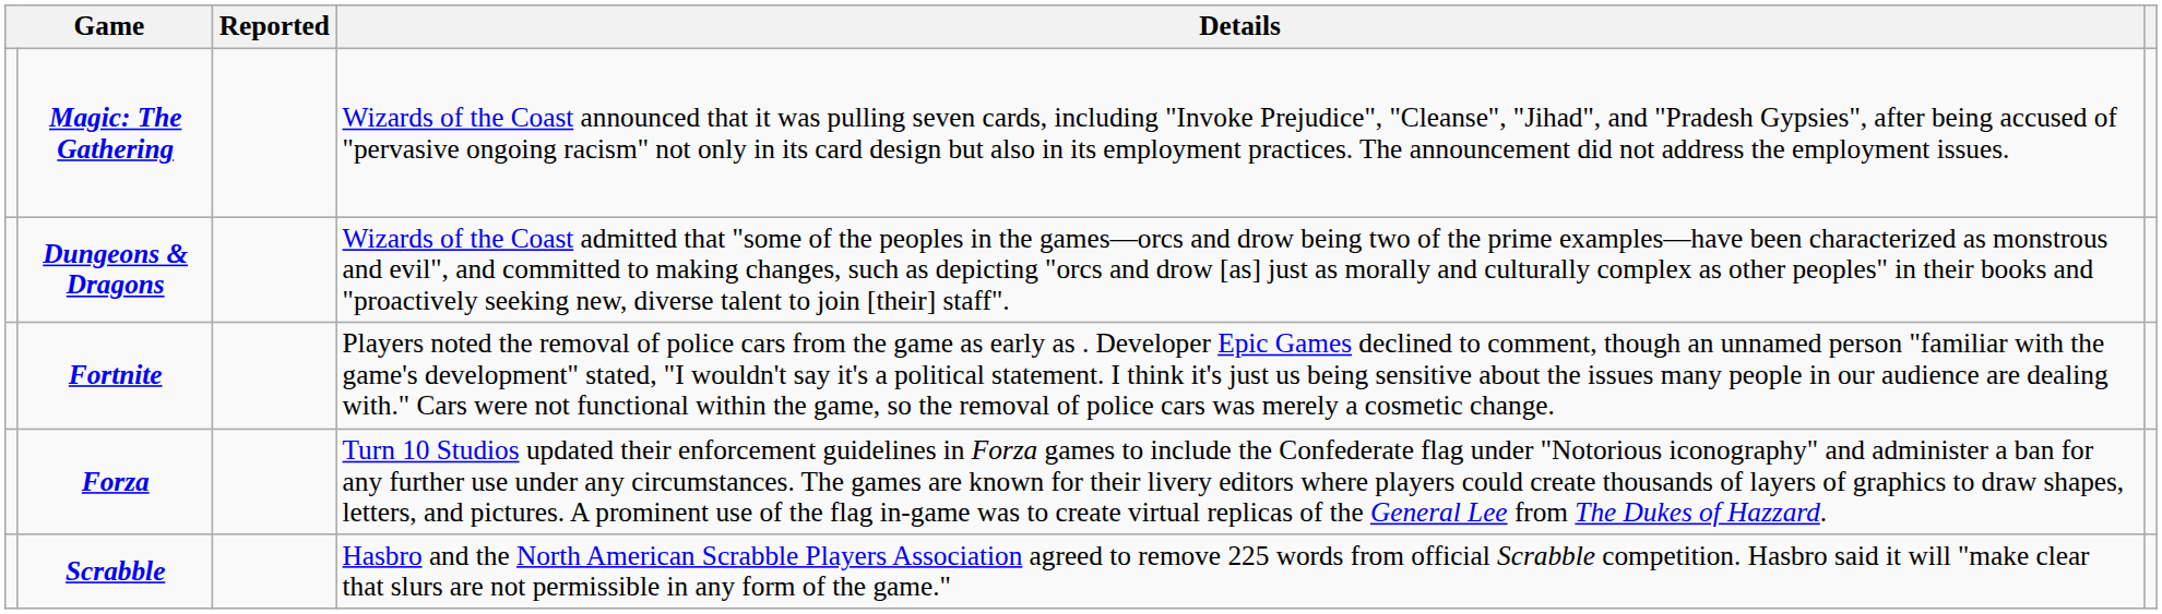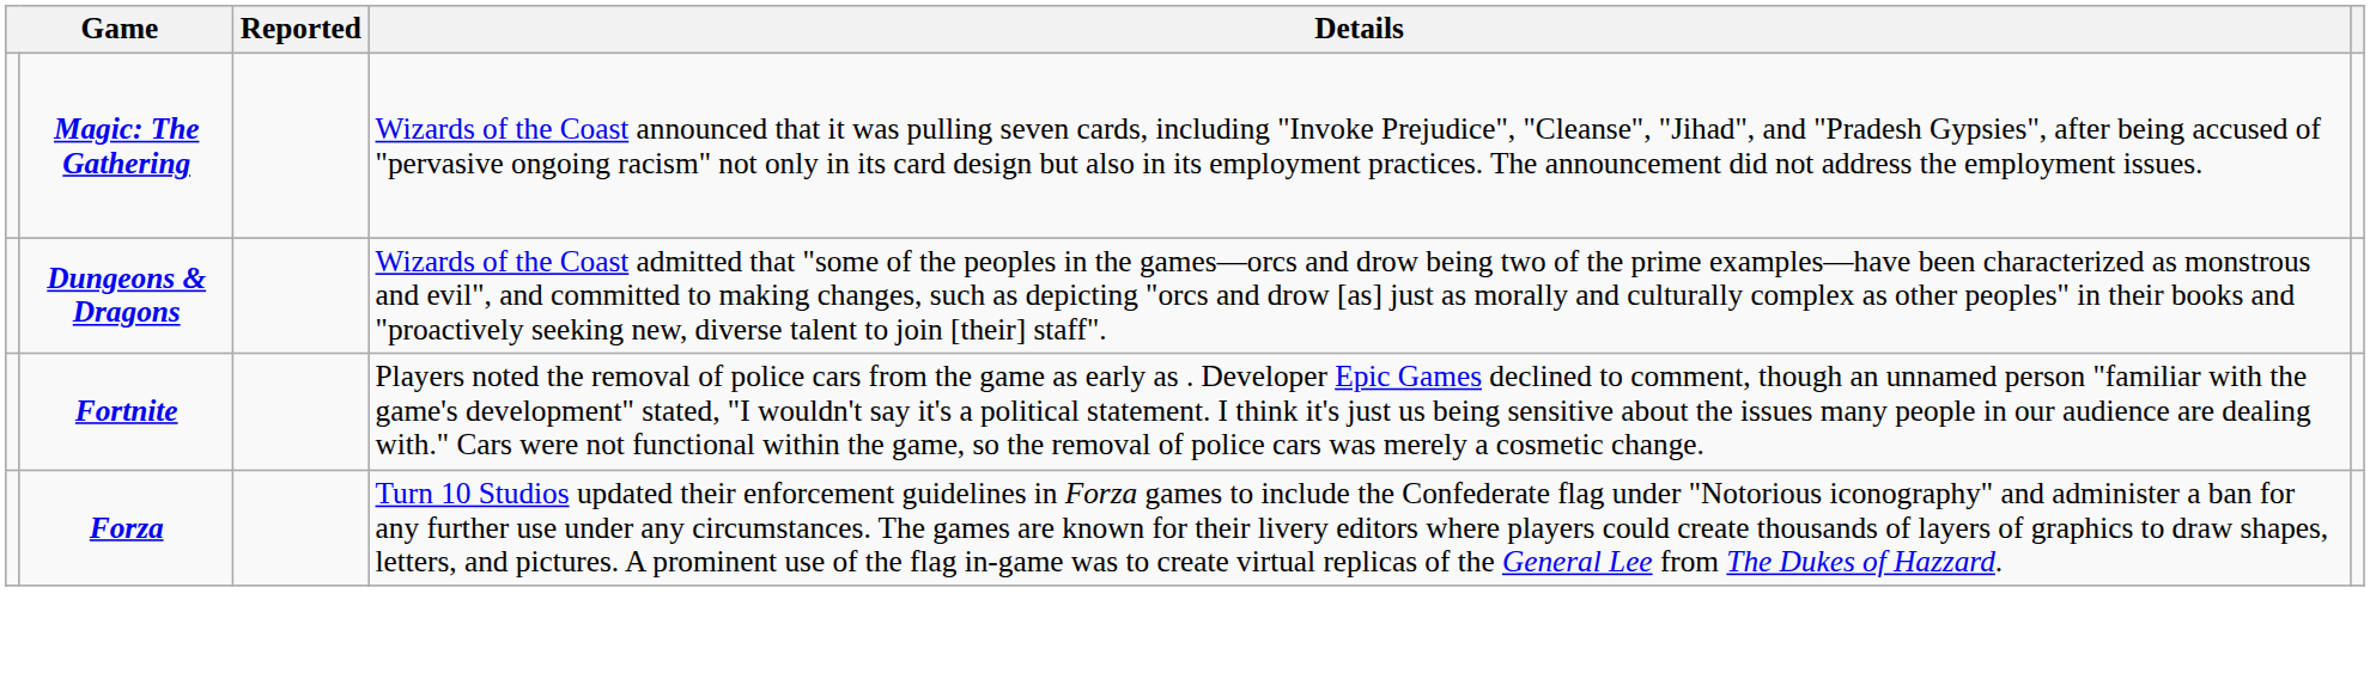 <table class="wikitable sortable" style="text-align: left">
 <tr>
 <th colspan="2">Game</th>
 <th>Reported</th>
 <th>Details</th>
 <th class="unsortable"></th>
 </tr>
 <tr>
 <td></td>
 <td style="text-align: center"><strong><em><a href='#'>Magic: The Gathering</a></em></strong></td>
 <td></td>
 <td><a href='#'>Wizards of the Coast</a> announced that it was pulling seven cards, including "Invoke Prejudice", "Cleanse", "Jihad", and "Pradesh Gypsies", after being accused of "pervasive ongoing racism" not only in its card design but also in its employment practices. The announcement did not address the employment issues.</td>
 <td><br><br><br><br><br></td>
 </tr>
 <tr>
 <td></td>
 <td style="text-align: center"><strong><em><a href='#'>Dungeons&nbsp;& Dragons</a></em></strong></td>
 <td></td>
 <td><a href='#'>Wizards of the Coast</a> admitted that "some of the peoples in the games—orcs and drow being two of the prime examples—have been characterized as monstrous and evil", and committed to making changes, such as depicting "orcs and drow [as] just as morally and culturally complex as other peoples" in their books and "proactively seeking new, diverse talent to join [their] staff".</td>
 <td><br><br></td>
 </tr>
 <tr>
 <td></td>
 <td style="text-align: center"><strong><em><a href='#'>Fortnite</a></em></strong></td>
 <td></td>
 <td>Players noted the removal of police cars from the game as early as . Developer <a href='#'>Epic Games</a> declined to comment, though an unnamed person "familiar with the game's development" stated, "I wouldn't say it's a political statement. I think it's just us being sensitive about the issues many people in our audience are dealing with." Cars were not functional within the game, so the removal of police cars was merely a cosmetic change.</td>
 <td><br><br></td>
 </tr>
 <tr>
 <td></td>
 <td style="text-align: center"><strong><em><a href='#'>Forza</a></em></strong></td>
 <td></td>
 <td><a href='#'>Turn 10 Studios</a> updated their enforcement guidelines in <em>Forza</em> games to include the Confederate flag under "Notorious iconography" and administer a ban for any further use under any circumstances. The games are known for their livery editors where players could create thousands of layers of graphics to draw shapes, letters, and pictures. A prominent use of the flag in-game was to create virtual replicas of the <em><a href='#'>General Lee</a></em> from <em><a href='#'>The Dukes of Hazzard</a></em>.</td>
 <td><br></td>
 </tr>
-<tr>
-<td></td>
-<td style="text-align: center"><strong><em><a href='#'>Scrabble</a></em></strong></td>
-<td></td>
-<td><a href='#'>Hasbro</a> and the <a href='#'>North American Scrabble Players Association</a> agreed to remove 225 words from official <em>Scrabble</em> competition. Hasbro said it will "make clear that slurs are not permissible in any form of the game."</td>
-<td><br><br></td>
-</tr>
 </table>
